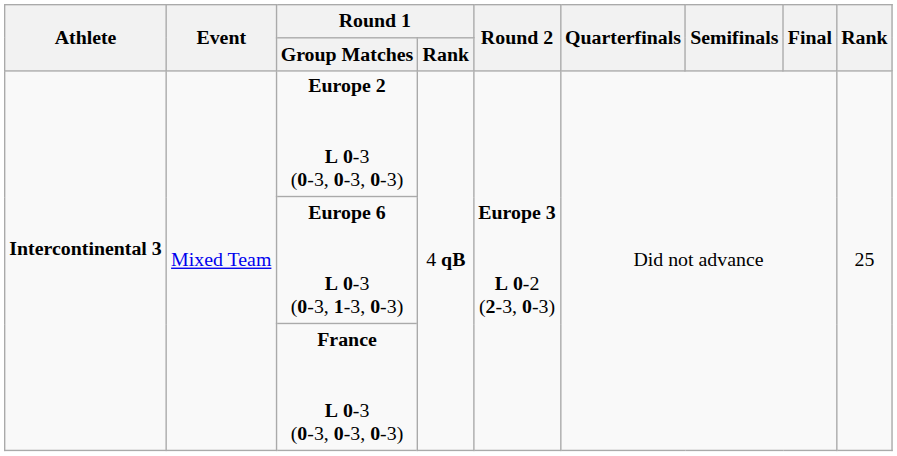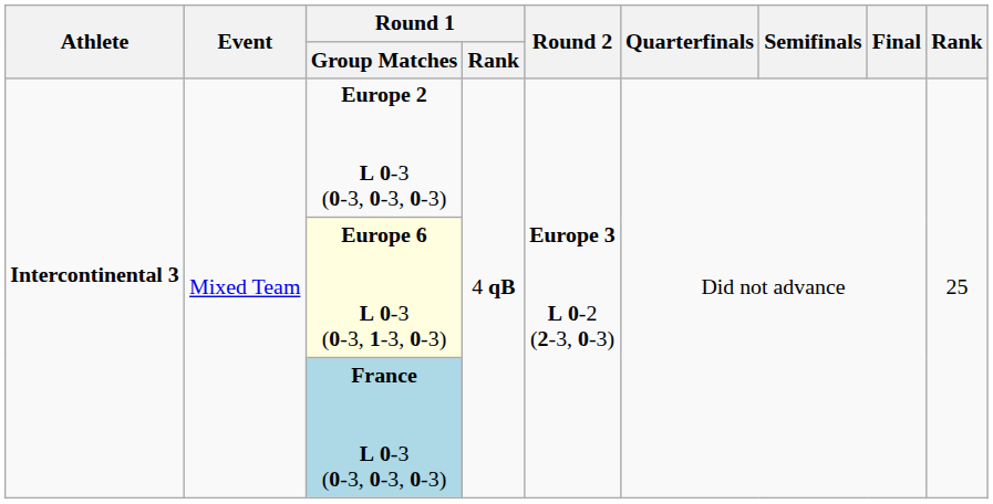 <table class="wikitable" border="1" style="font-size:90%">
 <tr>
 <th rowspan=2>Athlete</th>
 <th rowspan=2>Event</th>
 <th colspan=2>Round 1</th>
 <th rowspan=2>Round 2</th>
 <th rowspan=2>Quarterfinals</th>
 <th rowspan=2>Semifinals</th>
 <th rowspan=2>Final</th>
 <th rowspan=2>Rank</th>
 </tr>
 <tr>
 <th>Group Matches</th>
 <th>Rank</th>
 </tr>
 <tr>
 <td rowspan=3><strong>Intercontinental 3</strong><br><br></td>
 <td rowspan=3><a href='#'>Mixed Team</a></td>
 <td align=center><strong>Europe 2</strong><br><br><br> <strong>L</strong> <strong>0</strong>-3 <br> (<strong>0</strong>-3, <strong>0</strong>-3, <strong>0</strong>-3)</td>
 <td rowspan=3 align=center>4 <strong>qB</strong></td>
 <td align=center rowspan=3><strong>Europe 3</strong><br><br><br> <strong>L</strong> <strong>0</strong>-2 <br> (<strong>2</strong>-3, <strong>0</strong>-3)</td>
 <td rowspan=3 colspan=3 align=center>Did not advance</td>
 <td rowspan=3 align=center>25</td>
 </tr>
 <tr>
-<td align=center><strong>Europe 6</strong><br><br><br> <strong>L</strong> <strong>0</strong>-3 <br> (<strong>0</strong>-3, <strong>1</strong>-3, <strong>0</strong>-3)</td>
+<td align=center style="background: lightyellow;"><strong>Europe 6</strong><br><br><br> <strong>L</strong> <strong>0</strong>-3 <br> (<strong>0</strong>-3, <strong>1</strong>-3, <strong>0</strong>-3)</td>
 </tr>
 <tr>
-<td align=center><strong>France</strong><br><br><br> <strong>L</strong> <strong>0</strong>-3 <br> (<strong>0</strong>-3, <strong>0</strong>-3, <strong>0</strong>-3)</td>
+<td align=center style="background: lightblue;"><strong>France</strong><br><br><br> <strong>L</strong> <strong>0</strong>-3 <br> (<strong>0</strong>-3, <strong>0</strong>-3, <strong>0</strong>-3)</td>
 </tr>
 </table>
